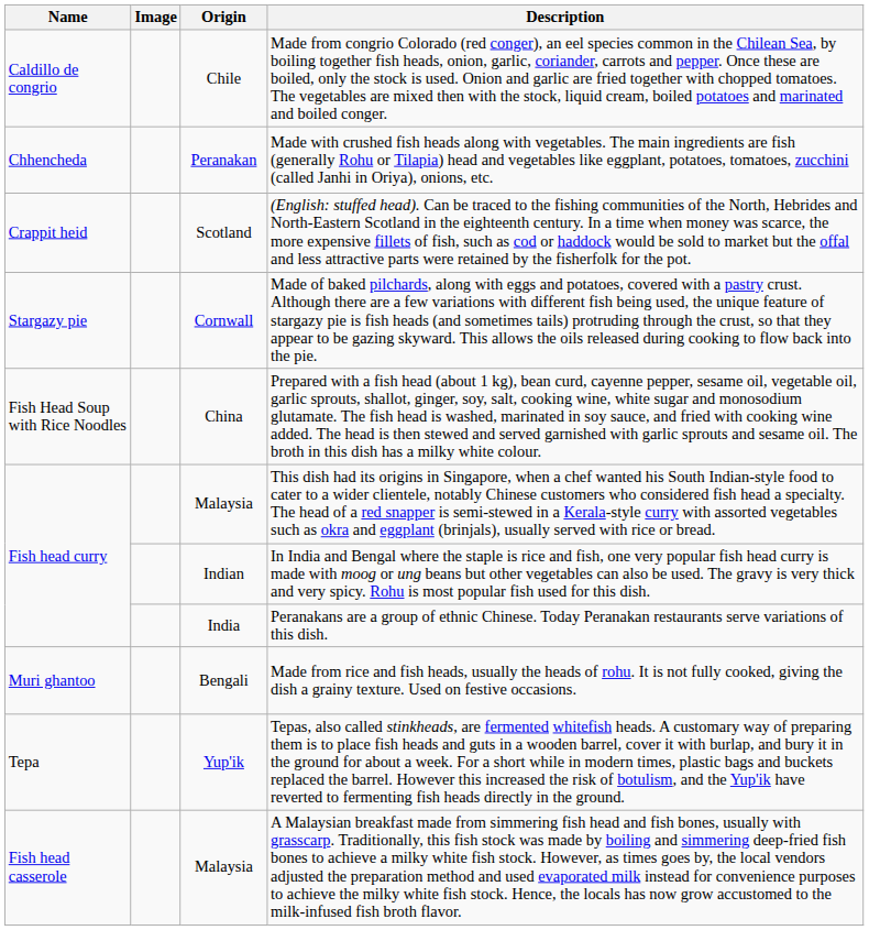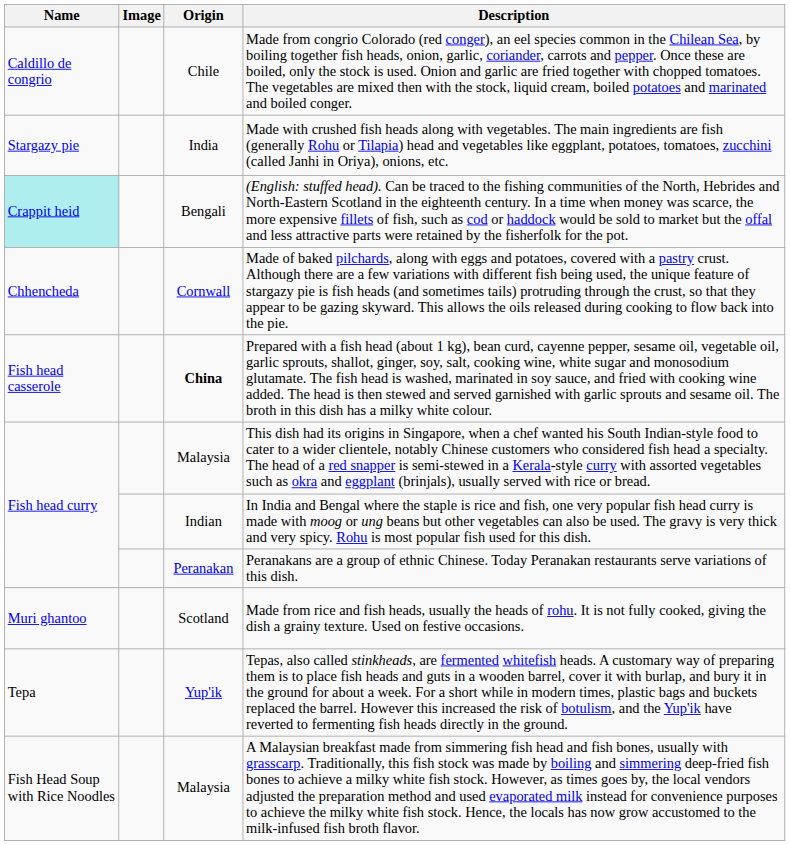 <table class="wikitable">
 <tr>
 <th width="120px">Name</th>
 <th>Image</th>
 <th width="80px">Origin</th>
 <th>Description</th>
 </tr>
 <tr>
 <td><a href='#'>Caldillo de congrio</a></td>
 <td></td>
 <td align=center>Chile</td>
 <td>Made from congrio Colorado (red <a href='#'>conger</a>), an eel species common in the <a href='#'>Chilean Sea</a>, by boiling together fish heads, onion, garlic, <a href='#'>coriander</a>, carrots and <a href='#'>pepper</a>. Once these are boiled, only the stock is used. Onion and garlic are fried together with chopped tomatoes. The vegetables are mixed then with the stock, liquid cream, boiled <a href='#'>potatoes</a> and <a href='#'>marinated</a> and boiled conger.</td>
 </tr>
 <tr>
-<td><a href='#'>Chhencheda</a></td>
+<td><a href='#'>Stargazy pie</a></td>
 <td style="height:60px;"></td>
-<td align=center><a href='#'>Peranakan</a></td>
+<td align=center>India</td>
 <td>Made with crushed fish heads along with vegetables. The main ingredients are fish (generally <a href='#'>Rohu</a> or <a href='#'>Tilapia</a>) head and vegetables like eggplant, potatoes, tomatoes, <a href='#'>zucchini</a> (called Janhi in Oriya), onions, etc.</td>
 </tr>
 <tr>
-<td><a href='#'>Crappit heid</a></td>
+<td style="background: paleturquoise;"><a href='#'>Crappit heid</a></td>
 <td style="height:60px;"></td>
-<td align=center>Scotland</td>
+<td align=center>Bengali</td>
 <td><em>(English: stuffed head).</em> Can be traced to the fishing communities of the North, Hebrides and North-Eastern Scotland in the eighteenth century. In a time when money was scarce, the more expensive <a href='#'>fillets</a> of fish, such as <a href='#'>cod</a> or <a href='#'>haddock</a> would be sold to market but the <a href='#'>offal</a> and less attractive parts were retained by the fisherfolk for the pot.</td>
 </tr>
 <tr>
-<td><a href='#'>Stargazy pie</a></td>
+<td><a href='#'>Chhencheda</a></td>
 <td></td>
 <td align=center><a href='#'>Cornwall</a></td>
 <td>Made of baked <a href='#'>pilchards</a>, along with eggs and potatoes, covered with a <a href='#'>pastry</a> crust. Although there are a few variations with different fish being used, the unique feature of stargazy pie is fish heads (and sometimes tails) protruding through the crust, so that they appear to be gazing skyward. This allows the oils released during cooking to flow back into the pie.</td>
 </tr>
 <tr>
-<td>Fish Head Soup with Rice Noodles</td>
+<td><a href='#'>Fish head casserole</a></td>
 <td style="height:60px;"></td>
-<td align=center>China</td>
+<td align=center><strong>China</strong></td>
 <td>Prepared with a fish head (about 1 kg), bean curd, cayenne pepper, sesame oil, vegetable oil, garlic sprouts, shallot, ginger, soy, salt, cooking wine, white sugar and monosodium glutamate. The fish head is washed,  marinated in soy sauce, and fried with cooking wine added. The head is then stewed and served garnished with garlic sprouts and sesame oil. The broth in this dish has a milky white colour.</td>
 </tr>
 <tr>
 <td rowspan=3><a href='#'>Fish head curry</a></td>
 <td style="height:60px;"></td>
 <td align=center>Malaysia</td>
 <td>This dish had its origins in Singapore, when a chef wanted his South Indian-style food to cater to a wider clientele, notably Chinese customers who considered fish head a specialty. The head of a <a href='#'>red snapper</a> is semi-stewed in a <a href='#'>Kerala</a>-style <a href='#'>curry</a> with assorted vegetables such as <a href='#'>okra</a> and <a href='#'>eggplant</a> (brinjals), usually served with rice or bread.</td>
 </tr>
 <tr>
 <td></td>
 <td align=center>Indian</td>
 <td>In India and Bengal where the staple is rice and fish, one very popular fish head curry is made with <em>moog</em> or <em>ung</em> beans but other vegetables can also be used. The gravy is very thick and very spicy. <a href='#'>Rohu</a> is most popular fish used for this dish.</td>
 </tr>
 <tr>
 <td></td>
-<td align=center>India</td>
+<td align=center><a href='#'>Peranakan</a></td>
 <td>Peranakans are a group of ethnic Chinese. Today Peranakan restaurants serve variations of this dish.</td>
 </tr>
 <tr>
 <td><a href='#'>Muri ghantoo</a></td>
 <td style="height:60px;"></td>
-<td align=center>Bengali</td>
+<td align=center>Scotland</td>
 <td>Made from rice and fish heads, usually the heads of <a href='#'>rohu</a>. It is not fully cooked, giving the dish a grainy texture. Used on festive occasions.</td>
 </tr>
 <tr>
 <td>Tepa</td>
 <td></td>
 <td align=center><a href='#'>Yup'ik</a></td>
 <td>Tepas, also called <em>stinkheads</em>, are <a href='#'>fermented</a> <a href='#'>whitefish</a> heads.  A customary way of preparing them is to place fish heads and guts in a wooden barrel, cover it with burlap, and bury it in the ground for about a week.  For a short while in modern times, plastic bags and buckets replaced the barrel. However this increased the risk of <a href='#'>botulism</a>, and the <a href='#'>Yup'ik</a> have reverted to fermenting fish heads directly in the ground.</td>
 </tr>
 <tr>
-<td><a href='#'>Fish head casserole</a></td>
+<td>Fish Head Soup with Rice Noodles</td>
 <td></td>
 <td align=center>Malaysia</td>
 <td>A Malaysian breakfast made from simmering fish head and fish bones, usually with <a href='#'>grasscarp</a>. Traditionally, this fish stock was made by <a href='#'>boiling</a> and <a href='#'>simmering</a> deep-fried fish bones to achieve a milky white fish stock. However, as times goes by, the local vendors adjusted the preparation method and used <a href='#'>evaporated milk</a> instead for convenience purposes to achieve the milky white fish stock. Hence, the locals has now grow accustomed to the milk-infused fish broth flavor.</td>
 </tr>
 </table>
